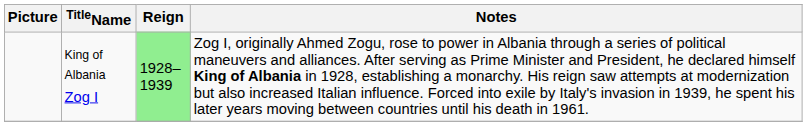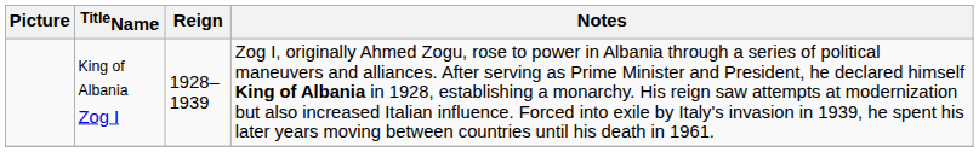 <table class="wikitable">
 <tr ->
 <th>Picture</th>
 <th><sup>Title</sup>Name</th>
 <th>Reign</th>
 <th>Notes</th>
 </tr>
 <tr ->
 <td></td>
 <td><sup>King of Albania</sup><br><a href='#'>Zog I</a></td>
-<td style="background: lightgreen;">1928–1939</td>
+<td>1928–1939</td>
 <td>Zog I, originally Ahmed Zogu, rose to power in Albania through a series of political maneuvers and alliances. After serving as Prime Minister and President, he declared himself <strong>King of Albania</strong>  in 1928, establishing a monarchy. His reign saw attempts at modernization but also increased Italian influence. Forced into exile by Italy's invasion in 1939, he spent his later years moving between countries until his death in 1961.</td>
 </tr>
 <tr ->
 </tr>
 </table>
